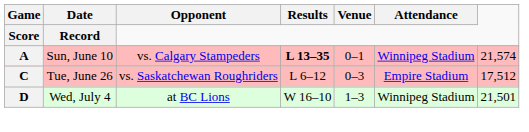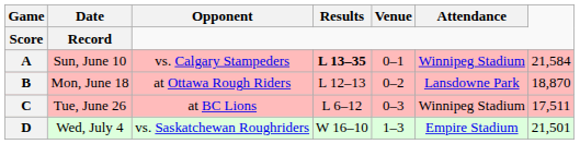 <table class="wikitable" style="text-align:center">
 <tr>
 <th>Game</th>
 <th>Date</th>
 <th>Opponent</th>
 <th>Results</th>
 <th>Venue</th>
 <th>Attendance</th>
 </tr>
 <tr>
 <th>Score</th>
 <th>Record</th>
 </tr>
 <tr style="background:#ffbbbb">
 <th>A</th>
 <td>Sun, June 10</td>
 <td>vs. <a href='#'>Calgary Stampeders</a></td>
 <td><strong>L 13–35</strong></td>
 <td>0–1</td>
 <td><a href='#'>Winnipeg Stadium</a></td>
-<td>21,574</td>
+<td>21,584</td>
+</tr>
+<tr style="background:#ffbbbb">
+<th>B</th>
+<td>Mon, June 18</td>
+<td>at <a href='#'>Ottawa Rough Riders</a></td>
+<td>L 12–13</td>
+<td>0–2</td>
+<td><a href='#'>Lansdowne Park</a></td>
+<td>18,870</td>
 </tr>
 <tr style="background:#ffbbbb">
 <th>C</th>
 <td>Tue, June 26</td>
-<td>vs. <a href='#'>Saskatchewan Roughriders</a></td>
+<td>at <a href='#'>BC Lions</a></td>
 <td>L 6–12</td>
 <td>0–3</td>
-<td><a href='#'>Empire Stadium</a></td>
-<td>17,512</td>
+<td>Winnipeg Stadium</td>
+<td>17,511</td>
 </tr>
 <tr style="background:#ddffdd">
 <th>D</th>
 <td>Wed, July 4</td>
-<td>at <a href='#'>BC Lions</a></td>
+<td>vs. <a href='#'>Saskatchewan Roughriders</a></td>
 <td>W 16–10</td>
 <td>1–3</td>
-<td>Winnipeg Stadium</td>
+<td><a href='#'>Empire Stadium</a></td>
 <td>21,501</td>
 </tr>
 </table>
